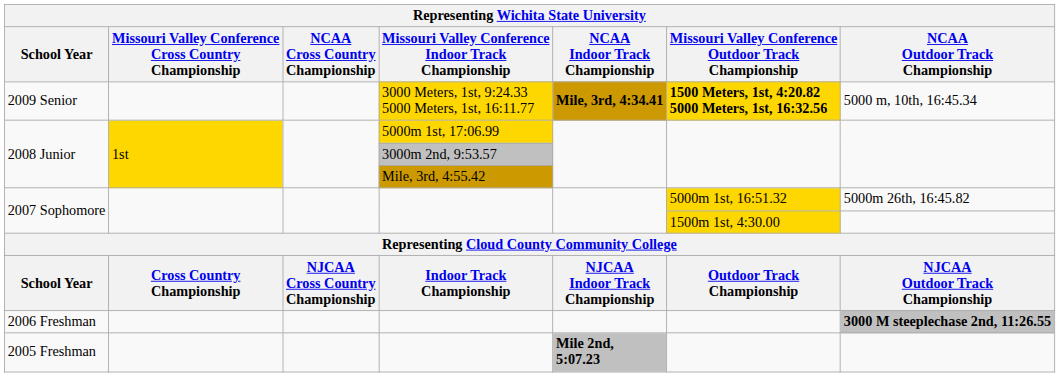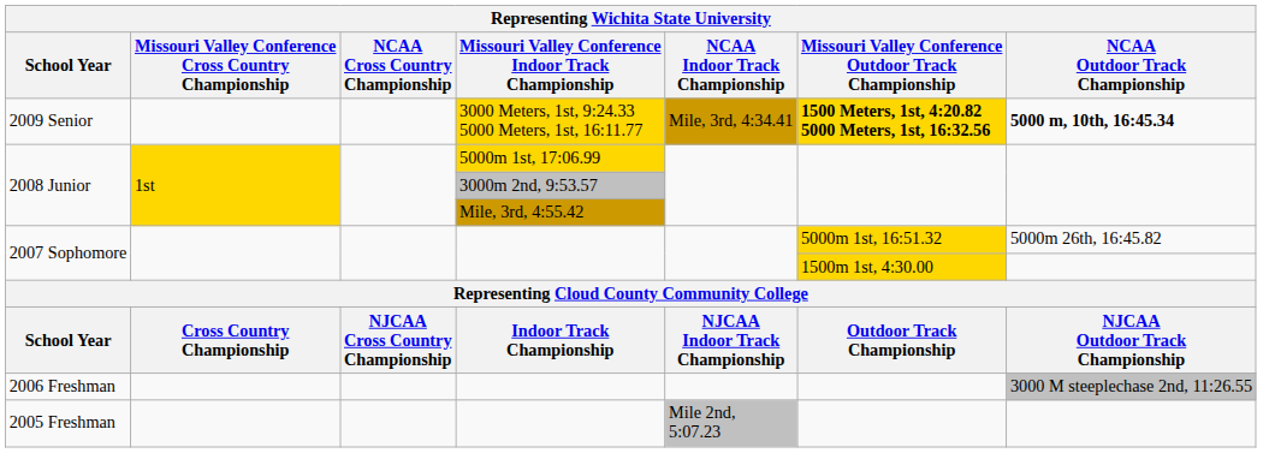 <table class="wikitable sortable">
 <tr>
 <th colspan="7">Representing <a href='#'>Wichita State University</a></th>
 </tr>
 <tr>
 <th>School Year</th>
 <th><a href='#'>Missouri Valley Conference</a><br><a href='#'>Cross Country</a><br>Championship</th>
 <th><a href='#'>NCAA</a><br><a href='#'>Cross Country</a><br>Championship</th>
 <th><a href='#'>Missouri Valley Conference</a><br><a href='#'>Indoor Track</a><br>Championship</th>
 <th><a href='#'>NCAA</a><br><a href='#'>Indoor Track</a><br>Championship</th>
 <th><a href='#'>Missouri Valley Conference</a><br><a href='#'>Outdoor Track</a><br>Championship</th>
 <th><a href='#'>NCAA</a><br><a href='#'>Outdoor Track</a><br>Championship</th>
 </tr>
 <tr>
 <td>2009 Senior</td>
 <td></td>
 <td></td>
 <td bgcolor="gold">3000 Meters, 1st, 9:24.33<br>5000 Meters, 1st, 16:11.77</td>
-<td bgcolor=cc9900><strong>Mile, 3rd, 4:34.41</strong></td>
+<td bgcolor=cc9900>Mile, 3rd, 4:34.41</td>
 <td bgcolor="gold"><strong>1500 Meters, 1st, 4:20.82<br>5000 Meters, 1st, 16:32.56</strong></td>
-<td>5000 m, 10th, 16:45.34</td>
+<td><strong>5000 m, 10th, 16:45.34</strong></td>
 </tr>
 <tr>
 <td rowspan=3>2008 Junior</td>
 <td rowspan=3 bgcolor="gold">1st</td>
 <td rowspan=3></td>
 <td bgcolor="gold">5000m 1st, 17:06.99</td>
 <td rowspan=3></td>
 <td rowspan=3></td>
 <td rowspan=3></td>
 </tr>
 <tr>
 <td bgcolor="silver">3000m 2nd, 9:53.57</td>
 </tr>
 <tr>
 <td bgcolor=cc9900>Mile, 3rd, 4:55.42</td>
 </tr>
 <tr>
 <td rowspan=2>2007 Sophomore</td>
 <td rowspan=2></td>
 <td rowspan=2></td>
 <td rowspan=2></td>
 <td rowspan=2></td>
 <td bgcolor="gold">5000m 1st, 16:51.32</td>
 <td>5000m 26th, 16:45.82</td>
 </tr>
 <tr>
 <td bgcolor="gold">1500m 1st, 4:30.00</td>
 <td></td>
 </tr>
 <tr>
 <th colspan="7">Representing <a href='#'>Cloud County Community College</a></th>
 </tr>
 <tr>
 <th>School Year</th>
 <th><a href='#'>Cross Country</a><br>Championship</th>
 <th><a href='#'>NJCAA</a><br><a href='#'>Cross Country</a><br>Championship</th>
 <th><a href='#'>Indoor Track</a><br>Championship</th>
 <th><a href='#'>NJCAA</a><br><a href='#'>Indoor Track</a><br>Championship</th>
 <th><a href='#'>Outdoor Track</a><br>Championship</th>
 <th><a href='#'>NJCAA</a><br><a href='#'>Outdoor Track</a><br>Championship</th>
 </tr>
 <tr>
 <td>2006 Freshman</td>
 <td></td>
 <td></td>
 <td></td>
 <td></td>
 <td></td>
-<td bgcolor="silver"><strong>3000 M steeplechase 2nd, 11:26.55</strong></td>
+<td bgcolor="silver">3000 M steeplechase 2nd, 11:26.55</td>
 </tr>
 <tr>
 <td>2005 Freshman</td>
 <td></td>
 <td></td>
 <td></td>
-<td bgcolor="silver"><strong>Mile 2nd,<br>5:07.23</strong></td>
+<td bgcolor="silver">Mile 2nd,<br>5:07.23</td>
 <td></td>
 <td></td>
 </tr>
 </table>
